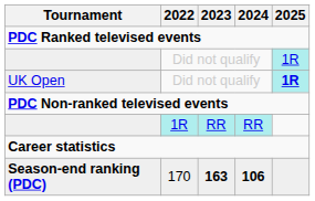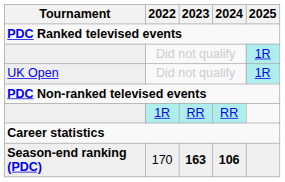 <table class="wikitable" style="width:40%; margin:0">
 <tr>
 <th>Tournament</th>
 <th>2022</th>
 <th>2023</th>
 <th>2024</th>
 <th>2025</th>
 </tr>
 <tr>
 <td colspan="15" align="left"><strong><a href='#'>PDC</a> Ranked televised events</strong></td>
 </tr>
 <tr>
 <td style="background:#efefef;"></td>
 <td colspan="3" style="text-align:center; color:#ccc;">Did not qualify</td>
 <td style="text-align:center; background:#afeeee;"><a href='#'>1R</a></td>
 </tr>
 <tr>
 <td style="background:#efefef;"><a href='#'>UK Open</a></td>
 <td colspan="3" style="text-align:center; color:#ccc;">Did not qualify</td>
-<td style="text-align:center; background:#afeeee;"><strong><a href='#'>1R</a></strong></td>
+<td style="text-align:center; background:#afeeee;"><a href='#'>1R</a></td>
 </tr>
 <tr>
 <td colspan="15" align="left"><strong><a href='#'>PDC</a> Non-ranked televised events</strong></td>
 </tr>
 <tr>
 <td style="background:#efefef;"></td>
 <td style="text-align:center; background:#afeeee;"><a href='#'>1R</a></td>
 <td style="text-align:center; background:#afeeee;"><a href='#'>RR</a></td>
 <td style="text-align:center; background:#afeeee;"><a href='#'>RR</a></td>
 <td></td>
 </tr>
 <tr>
 <td colspan="34" align="left"><strong>Career statistics</strong></td>
 </tr>
 <tr bgcolor="efefef">
 <td align="left"><strong>Season-end ranking <a href='#'>(PDC)</a></strong></td>
 <td style="text-align:center;">170</td>
 <td style="text-align:center;"><strong>163</strong></td>
 <td style="text-align:center;"><strong>106</strong></td>
 <td></td>
 </tr>
 </table>
